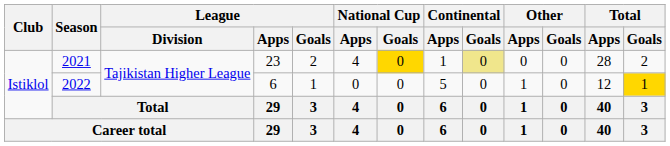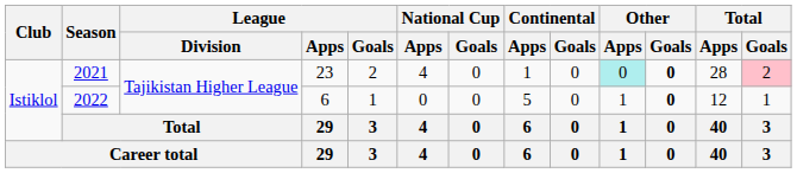 <table class="wikitable" style="text-align: center;">
 <tr>
 <th rowspan="2">Club</th>
 <th rowspan="2">Season</th>
 <th colspan="3">League</th>
 <th colspan="2">National Cup</th>
 <th colspan="2">Continental</th>
 <th colspan="2">Other</th>
 <th colspan="2">Total</th>
 </tr>
 <tr>
 <th>Division</th>
 <th>Apps</th>
 <th>Goals</th>
 <th>Apps</th>
 <th>Goals</th>
 <th>Apps</th>
 <th>Goals</th>
 <th>Apps</th>
 <th>Goals</th>
 <th>Apps</th>
 <th>Goals</th>
 </tr>
 <tr>
 <td rowspan="3" valign="center"><a href='#'>Istiklol</a></td>
 <td><a href='#'>2021</a></td>
 <td rowspan="2" valign="center"><a href='#'>Tajikistan Higher League</a></td>
 <td>23</td>
 <td>2</td>
 <td>4</td>
-<td style="background: gold;">0</td>
+<td>0</td>
 <td>1</td>
-<td style="background: khaki;">0</td>
 <td>0</td>
-<td>0</td>
+<td style="background: paleturquoise;">0</td>
+<td><strong>0</strong></td>
 <td>28</td>
-<td>2</td>
+<td style="background: pink;">2</td>
 </tr>
 <tr>
 <td><a href='#'>2022</a></td>
 <td>6</td>
 <td>1</td>
 <td>0</td>
 <td>0</td>
 <td>5</td>
 <td>0</td>
 <td>1</td>
-<td>0</td>
+<td><strong>0</strong></td>
 <td>12</td>
-<td style="background: gold;">1</td>
+<td>1</td>
 </tr>
 <tr>
 <th colspan="2">Total</th>
 <th>29</th>
 <th>3</th>
 <th>4</th>
 <th>0</th>
 <th>6</th>
 <th>0</th>
 <th>1</th>
 <th>0</th>
 <th>40</th>
 <th>3</th>
 </tr>
 <tr>
 <th colspan="3">Career total</th>
 <th>29</th>
 <th>3</th>
 <th>4</th>
 <th>0</th>
 <th>6</th>
 <th>0</th>
 <th>1</th>
 <th>0</th>
 <th>40</th>
 <th>3</th>
 </tr>
 </table>
